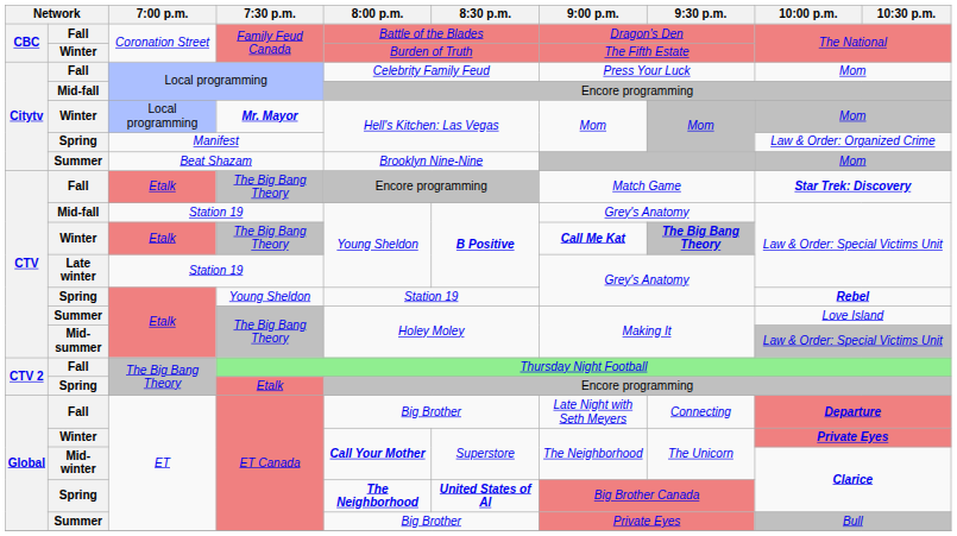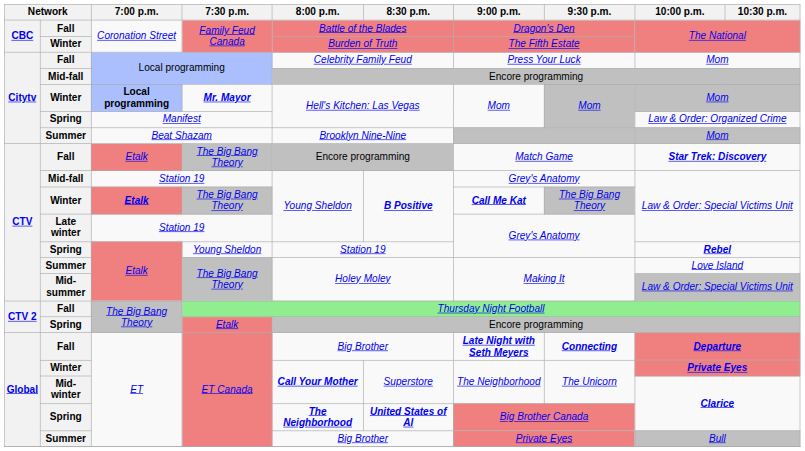 <table class=wikitable style=width:100%;margin-right:0;text-align:center>
 <tr>
 <th style=width:10% colspan=2>Network</th>
 <th style=width:11.5%>7:00 p.m.</th>
 <th style=width:11.5%>7:30 p.m.</th>
 <th style=width:11.5%>8:00 p.m.</th>
 <th style=width:11.5%>8:30 p.m.</th>
 <th style=width:11.5%>9:00 p.m.</th>
 <th style=width:11.5%>9:30 p.m.</th>
 <th style=width:11.5%>10:00 p.m.</th>
 <th style=width:11.5%>10:30 p.m.</th>
 </tr>
 <tr>
 <th rowspan=2><a href='#'>CBC</a></th>
 <th>Fall</th>
 <td rowspan=2><em><a href='#'>Coronation Street</a></em></td>
 <td style=background:#f08080 rowspan=2><em><a href='#'>Family Feud Canada</a></em></td>
 <td style=background:#f08080 colspan=2><em><a href='#'>Battle of the Blades</a></em></td>
 <td style=background:#f08080 colspan=2><em><a href='#'>Dragon's Den</a></em></td>
 <td style=background:#f08080 colspan=2 rowspan=2><em><a href='#'>The National</a></em></td>
 </tr>
 <tr>
 <th>Winter</th>
 <td style=background:#f08080 colspan=2><em><a href='#'>Burden of Truth</a></em></td>
 <td style=background:#f08080 colspan=2><em><a href='#'>The Fifth Estate</a></em></td>
 </tr>
 <tr>
 <th rowspan="5"><a href='#'>Citytv</a></th>
 <th>Fall</th>
 <td style=background:#abbfff colspan="2" rowspan="2">Local programming</td>
 <td colspan="2"><em><a href='#'>Celebrity Family Feud</a></em></td>
 <td colspan="2"><em><a href='#'>Press Your Luck</a></em></td>
 <td colspan="2"><em><a href='#'>Mom</a></em></td>
 </tr>
 <tr>
 <th>Mid-fall</th>
 <td colspan="6"  style=background:#C0C0C0>Encore programming</td>
 </tr>
 <tr>
 <th>Winter</th>
-<td style=background:#abbfff>Local programming</td>
+<td style=background:#abbfff><strong>Local programming</strong></td>
 <td><strong><em><a href='#'>Mr. Mayor</a></em></strong></td>
 <td rowspan="2" colspan="2"><em><a href='#'>Hell's Kitchen: Las Vegas</a></em></td>
 <td rowspan="2"><em><a href='#'>Mom</a></em></td>
 <td style=background:#C0C0C0 rowspan="2"><em><a href='#'>Mom</a></em> </td>
 <td colspan="2" style="background:#C0C0C0"><em><a href='#'>Mom</a></em> </td>
 </tr>
 <tr>
 <th>Spring</th>
 <td colspan="2"><em><a href='#'>Manifest</a></em></td>
 <td colspan="2"><em><a href='#'>Law & Order: Organized Crime</a></em></td>
 </tr>
 <tr>
 <th>Summer</th>
 <td colspan="2"><em><a href='#'>Beat Shazam</a></em></td>
 <td colspan="2"><em><a href='#'>Brooklyn Nine-Nine</a></em></td>
 <td style=background:#C0C0C0 colspan="2"> </td>
 <td style=background:#C0C0C0 colspan="2"><em><a href='#'>Mom</a></em> </td>
 </tr>
 <tr>
 <th rowspan=7><a href='#'>CTV</a></th>
 <th>Fall</th>
 <td style=background:#f08080><em><a href='#'>Etalk</a></em></td>
 <td style=background:#C0C0C0><em><a href='#'>The Big Bang Theory</a></em> </td>
 <td colspan=2  style=background:#C0C0C0>Encore programming</td>
 <td colspan=2><em><a href='#'>Match Game</a></em></td>
 <td colspan=2><strong><em><a href='#'>Star Trek: Discovery</a></em></strong></td>
 </tr>
 <tr>
 <th>Mid-fall</th>
 <td colspan=2><em><a href='#'>Station 19</a></em></td>
 <td rowspan=3><em><a href='#'>Young Sheldon</a></em></td>
 <td rowspan=3><strong><em><a href='#'>B Positive</a></em></strong></td>
 <td colspan=2><em><a href='#'>Grey's Anatomy</a></em></td>
 <td rowspan=3 colspan=2><em><a href='#'>Law & Order: Special Victims Unit</a></em></td>
 </tr>
 <tr>
 <th>Winter</th>
-<td style=background:#f08080><em><a href='#'>Etalk</a></em></td>
+<td style=background:#f08080><strong><em><a href='#'>Etalk</a></em></strong></td>
 <td style=background:#C0C0C0><em><a href='#'>The Big Bang Theory</a></em> </td>
 <td><strong><em><a href='#'>Call Me Kat</a></em></strong></td>
-<td style=background:#C0C0C0><strong><em><a href='#'>The Big Bang Theory</a></em> </strong></td>
+<td style=background:#C0C0C0><em><a href='#'>The Big Bang Theory</a></em> </td>
 </tr>
 <tr>
 <th>Late winter</th>
 <td colspan=2><em><a href='#'>Station 19</a></em></td>
 <td rowspan=2 colspan=2><em><a href='#'>Grey's Anatomy</a></em></td>
 </tr>
 <tr>
 <th>Spring</th>
 <td style=background:#f08080 rowspan=3><em><a href='#'>Etalk</a></em></td>
 <td><em><a href='#'>Young Sheldon</a></em></td>
 <td colspan=2><em><a href='#'>Station 19</a></em></td>
 <td colspan=2><strong><em><a href='#'>Rebel</a></em></strong></td>
 </tr>
 <tr>
 <th>Summer</th>
 <td style=background:#C0C0C0 rowspan=2><em><a href='#'>The Big Bang Theory</a></em> </td>
 <td colspan=2 rowspan=2><em><a href='#'>Holey Moley</a></em></td>
 <td colspan=2 rowspan=2><em><a href='#'>Making It</a></em></td>
 <td colspan=2><em><a href='#'>Love Island</a></em></td>
 </tr>
 <tr>
 <th>Mid-summer</th>
 <td style=background:#C0C0C0 colspan=2><em><a href='#'>Law & Order: Special Victims Unit</a></em> </td>
 </tr>
 <tr>
 <th rowspan="2"><a href='#'>CTV 2</a></th>
 <th>Fall</th>
 <td rowspan="2" style="background:#C0C0C0"><em><a href='#'>The Big Bang Theory</a></em> </td>
 <td style=background:lightgreen colspan="7"><em><a href='#'>Thursday Night Football</a></em></td>
 </tr>
 <tr>
 <th>Spring</th>
 <td style=background:#f08080><em><a href='#'>Etalk</a></em></td>
 <td colspan="6"  style=background:#C0C0C0>Encore programming</td>
 </tr>
 <tr>
 <th rowspan=5><a href='#'>Global</a></th>
 <th>Fall</th>
 <td rowspan=5><em><a href='#'>ET</a></em></td>
 <td style=background:#f08080 rowspan=5><em><a href='#'>ET Canada</a></em></td>
 <td colspan=2><em><a href='#'>Big Brother</a></em></td>
-<td><em><a href='#'>Late Night with Seth Meyers</a></em> </td>
-<td><em><a href='#'>Connecting</a></em></td>
+<td><strong><em><a href='#'>Late Night with Seth Meyers</a></em> </strong></td>
+<td><strong><em><a href='#'>Connecting</a></em></strong></td>
 <td style=background:#f08080 colspan=2><strong><em><a href='#'>Departure</a></em></strong></td>
 </tr>
 <tr>
 <th>Winter</th>
 <td rowspan=2><strong><em><a href='#'>Call Your Mother</a></em></strong></td>
 <td rowspan=2><em><a href='#'>Superstore</a></em></td>
 <td rowspan=2><em><a href='#'>The Neighborhood</a></em></td>
 <td rowspan=2><em><a href='#'>The Unicorn</a></em></td>
 <td style=background:#f08080 colspan=2><strong><em><a href='#'>Private Eyes</a></em></strong></td>
 </tr>
 <tr>
 <th>Mid-winter</th>
 <td rowspan=2 colspan=2><strong><em><a href='#'>Clarice</a></em></strong></td>
 </tr>
 <tr>
 <th>Spring</th>
 <td><strong><em><a href='#'>The Neighborhood</a></em></strong></td>
 <td><strong><em><a href='#'>United States of Al</a></em></strong></td>
 <td style=background:#f08080 colspan=2><em><a href='#'>Big Brother Canada</a></em></td>
 </tr>
 <tr>
 <th>Summer</th>
 <td colspan=2><em><a href='#'>Big Brother</a></em></td>
 <td style=background:#f08080 colspan=2><em><a href='#'>Private Eyes</a></em></td>
 <td style=background:#C0C0C0 colspan=2><em><a href='#'>Bull</a></em> </td>
 </tr>
 <tr>
 </tr>
 </table>
